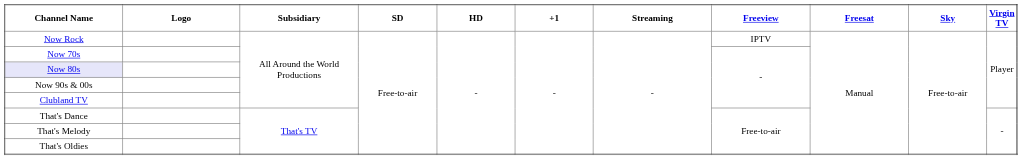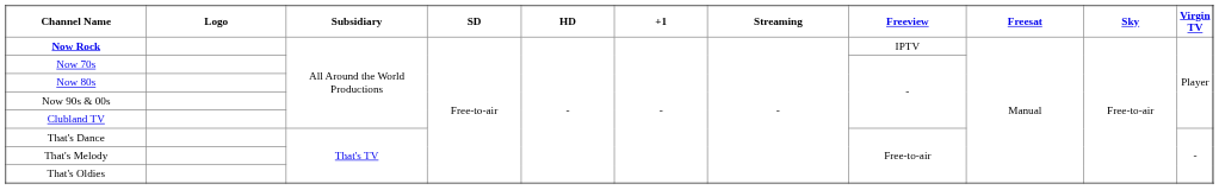 <table class="toccolours sortable" border="2" cellpadding="3" style="border-collapse:collapse; font-size:90%; text-align:center; width:100%;">
 <tr>
 <th style="width:12%;">Channel Name</th>
 <th style="width:12%;">Logo</th>
 <th style="width:12%;">Subsidiary</th>
 <th style="width:8%;">SD</th>
 <th style="width:8%;">HD</th>
 <th style="width:8%;">+1</th>
 <th style="width:12%;">Streaming</th>
 <th style="width:10%;"><a href='#'>Freeview</a></th>
 <th style="width:10%;"><a href='#'>Freesat</a></th>
 <th style="width:10%;"><a href='#'>Sky</a></th>
 <th style="width:10%;"><a href='#'>Virgin TV</a></th>
 </tr>
 <tr>
-<td><a href='#'>Now Rock</a></td>
+<td><strong><a href='#'>Now Rock</a></strong></td>
 <td></td>
 <td rowspan="5">All Around the World Productions</td>
 <td rowspan="8">Free-to-air</td>
 <td rowspan="8">-</td>
 <td rowspan="8">-</td>
 <td rowspan="8">-</td>
 <td>IPTV</td>
 <td rowspan="8">Manual</td>
 <td rowspan="8">Free-to-air</td>
 <td rowspan="5">Player</td>
 </tr>
 <tr>
 <td><a href='#'>Now 70s</a></td>
 <td></td>
 <td rowspan="4">-</td>
 </tr>
 <tr>
-<td style="background: lavender;"><a href='#'>Now 80s</a></td>
+<td><a href='#'>Now 80s</a></td>
 <td></td>
 </tr>
 <tr>
 <td>Now 90s & 00s</td>
 <td></td>
 </tr>
 <tr>
 <td><a href='#'>Clubland TV</a></td>
 <td></td>
 </tr>
 <tr>
 <td>That's Dance</td>
 <td></td>
 <td rowspan="3"><a href='#'>That's TV</a></td>
 <td rowspan="3">Free-to-air</td>
 <td rowspan="3">-</td>
 </tr>
 <tr>
 <td>That's Melody</td>
 <td></td>
 </tr>
 <tr>
 <td>That's Oldies</td>
 <td></td>
 </tr>
 </table>
